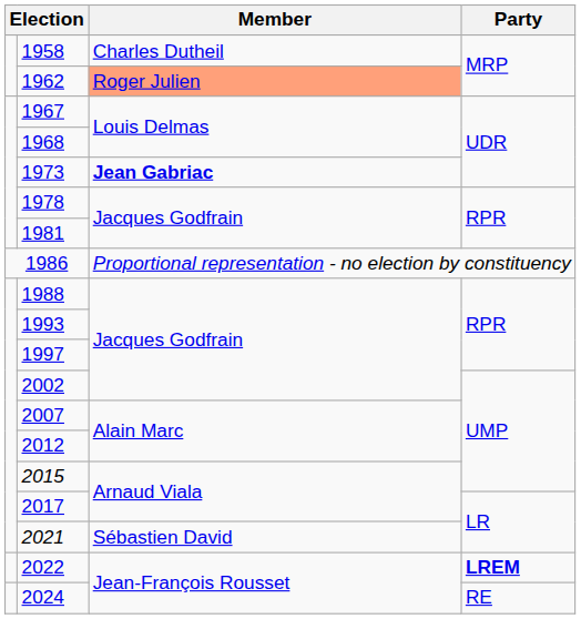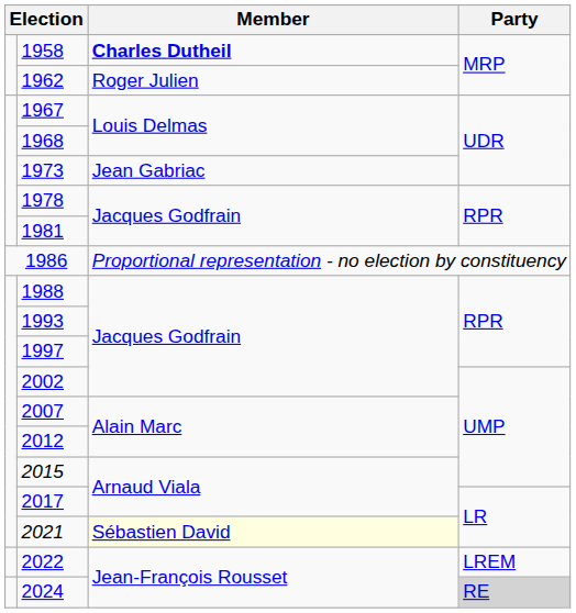 <table class="wikitable">
 <tr>
 <th colspan="2">Election</th>
 <th>Member</th>
 <th>Party</th>
 </tr>
 <tr>
 <td rowspan="2" style="color:inherit;background-color: "></td>
 <td><a href='#'>1958</a></td>
-<td><a href='#'>Charles Dutheil</a></td>
+<td><strong><a href='#'>Charles Dutheil</a></strong></td>
 <td rowspan="2"><a href='#'>MRP</a></td>
 </tr>
 <tr>
 <td><a href='#'>1962</a></td>
-<td style="background: lightsalmon;"><a href='#'>Roger Julien</a></td>
+<td><a href='#'>Roger Julien</a></td>
 </tr>
 <tr>
 <td rowspan="5" style="color:inherit;background-color: "></td>
 <td><a href='#'>1967</a></td>
 <td rowspan="2"><a href='#'>Louis Delmas</a></td>
 <td rowspan="3"><a href='#'>UDR</a></td>
 </tr>
 <tr>
 <td><a href='#'>1968</a></td>
 </tr>
 <tr>
 <td><a href='#'>1973</a></td>
-<td><strong><a href='#'>Jean Gabriac</a></strong></td>
+<td><a href='#'>Jean Gabriac</a></td>
 </tr>
 <tr>
 <td><a href='#'>1978</a></td>
 <td rowspan="2"><a href='#'>Jacques Godfrain</a></td>
 <td rowspan="2"><a href='#'>RPR</a></td>
 </tr>
 <tr>
 <td><a href='#'>1981</a></td>
 </tr>
 <tr>
 <td colspan="2" align="center"><a href='#'>1986</a></td>
 <td colspan="2"><em><a href='#'>Proportional representation</a> - no election by constituency</em></td>
 </tr>
 <tr>
 <td rowspan="9" style="color:inherit;background-color: "></td>
 <td><a href='#'>1988</a></td>
 <td rowspan="4"><a href='#'>Jacques Godfrain</a></td>
 <td rowspan="3"><a href='#'>RPR</a></td>
 </tr>
 <tr>
 <td><a href='#'>1993</a></td>
 </tr>
 <tr>
 <td><a href='#'>1997</a></td>
 </tr>
 <tr>
 <td><a href='#'>2002</a></td>
 <td rowspan="4"><a href='#'>UMP</a></td>
 </tr>
 <tr>
 <td><a href='#'>2007</a></td>
 <td rowspan="2"><a href='#'>Alain Marc</a></td>
 </tr>
 <tr>
 <td><a href='#'>2012</a></td>
 </tr>
 <tr>
 <td><em>2015</em></td>
 <td rowspan="2"><a href='#'>Arnaud Viala</a></td>
 </tr>
 <tr>
 <td><a href='#'>2017</a></td>
 <td rowspan="2"><a href='#'>LR</a></td>
 </tr>
 <tr>
 <td><em>2021</em></td>
-<td><a href='#'>Sébastien David</a></td>
+<td style="background: lightyellow;"><a href='#'>Sébastien David</a></td>
 </tr>
 <tr>
 <td style="color:inherit;background:"></td>
 <td><a href='#'>2022</a></td>
 <td rowspan="2"><a href='#'>Jean-François Rousset</a></td>
-<td><strong><a href='#'>LREM</a></strong></td>
+<td><a href='#'>LREM</a></td>
 </tr>
 <tr>
 <td style="color:inherit;background:"></td>
 <td><a href='#'>2024</a></td>
-<td><a href='#'>RE</a></td>
+<td style="background: lightgrey;"><a href='#'>RE</a></td>
 </tr>
 </table>
